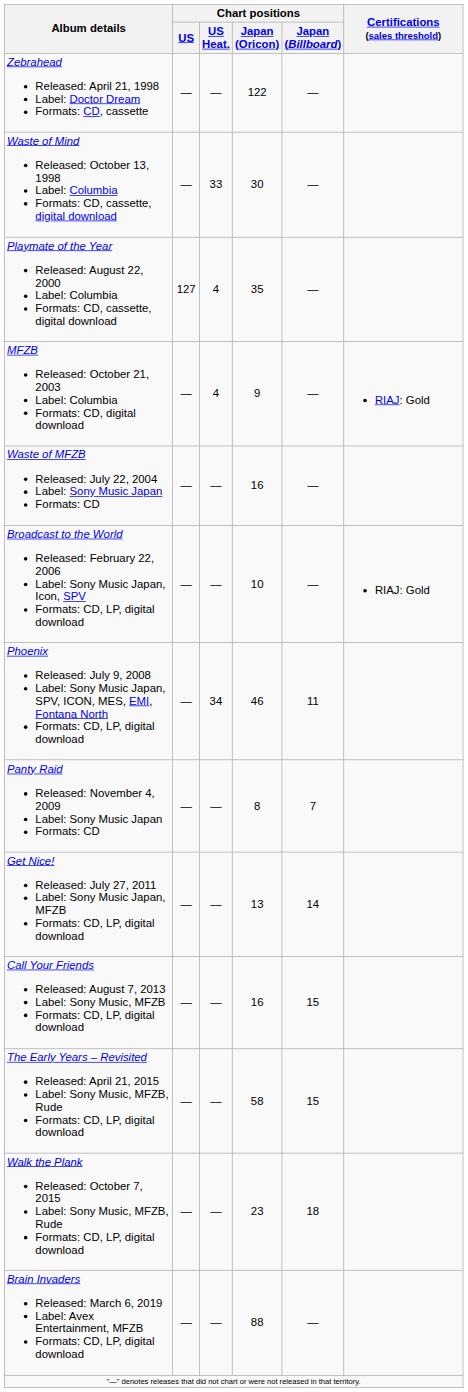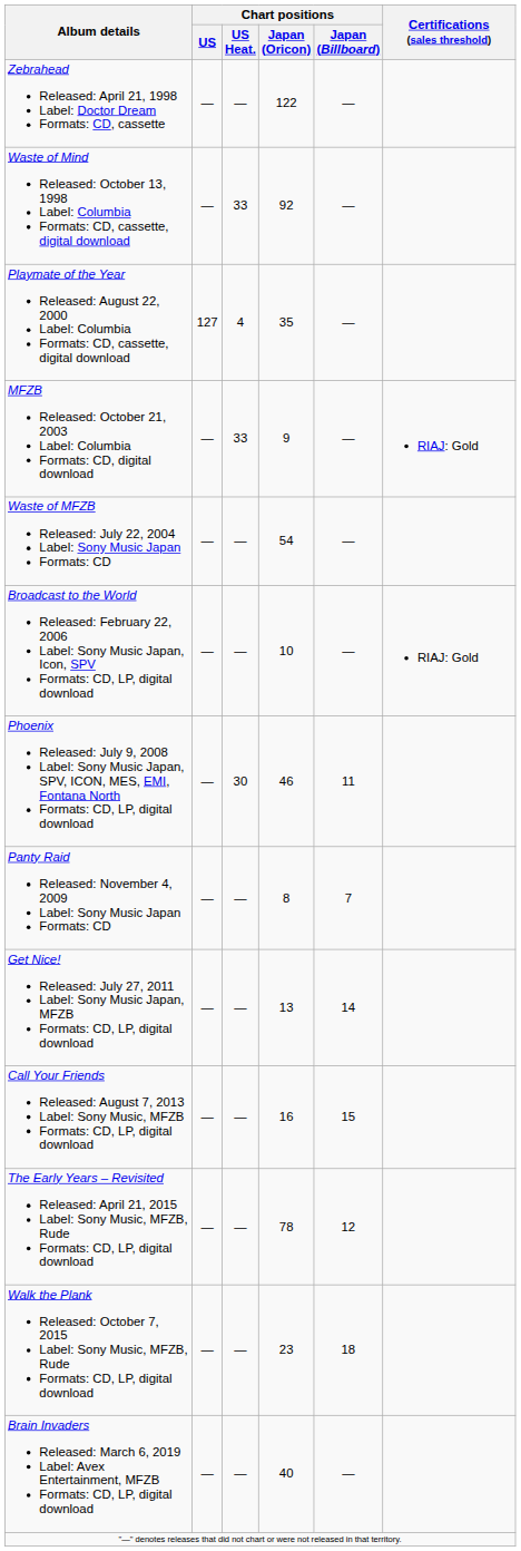 <table class="wikitable" style="text-align:center;">
 <tr>
 <th rowspan="2" width="230">Album details</th>
 <th colspan="4">Chart positions</th>
 <th rowspan="2" style="width:10em;"><a href='#'>Certifications</a><br><small>(<a href='#'>sales threshold</a>)</small></th>
 </tr>
 <tr>
 <th width="30"><a href='#'>US</a></th>
 <th width="30"><a href='#'>US Heat.</a></th>
 <th width="30"><a href='#'>Japan (Oricon)</a><br></th>
 <th width="30"><a href='#'>Japan (<em>Billboard</em>)</a><br></th>
 </tr>
 <tr>
 <td align="left"><em><a href='#'>Zebrahead</a></em><br><ul><li>Released: April 21, 1998</li><li>Label: <a href='#'>Doctor Dream</a></li><li>Formats: <a href='#'>CD</a>, cassette</li></ul></td>
 <td>—</td>
 <td>—</td>
 <td>122</td>
 <td>—</td>
 <td></td>
 </tr>
 <tr>
 <td align="left"><em><a href='#'>Waste of Mind</a></em><br><ul><li>Released: October 13, 1998</li><li>Label: <a href='#'>Columbia</a></li><li>Formats: CD, cassette, <a href='#'>digital download</a></li></ul></td>
 <td>—</td>
 <td>33</td>
-<td>30</td>
+<td>92</td>
 <td>—</td>
 <td></td>
 </tr>
 <tr>
 <td align="left"><em><a href='#'>Playmate of the Year</a></em><br><ul><li>Released: August 22, 2000</li><li>Label: Columbia</li><li>Formats: CD, cassette, digital download</li></ul></td>
 <td>127</td>
 <td>4</td>
 <td>35</td>
 <td>—</td>
 <td></td>
 </tr>
 <tr>
 <td align="left"><em><a href='#'>MFZB</a></em><br><ul><li>Released: October 21, 2003</li><li>Label: Columbia</li><li>Formats: CD, digital download</li></ul></td>
 <td>—</td>
-<td>4</td>
+<td>33</td>
 <td>9</td>
 <td>—</td>
 <td style="text-align:left;"><br><ul><li><a href='#'>RIAJ</a>: Gold</li></ul></td>
 </tr>
 <tr>
 <td align="left"><em><a href='#'>Waste of MFZB</a></em><br><ul><li>Released: July 22, 2004</li><li>Label: <a href='#'>Sony Music Japan</a></li><li>Formats: CD</li></ul></td>
 <td>—</td>
 <td>—</td>
-<td>16</td>
+<td>54</td>
 <td>—</td>
 <td></td>
 </tr>
 <tr>
 <td align="left"><em><a href='#'>Broadcast to the World</a></em><br><ul><li>Released: February 22, 2006</li><li>Label: Sony Music Japan, Icon, <a href='#'>SPV</a></li><li>Formats: CD, LP, digital download</li></ul></td>
 <td>—</td>
 <td>—</td>
 <td>10</td>
 <td>—</td>
 <td style="text-align:left;"><br><ul><li>RIAJ: Gold</li></ul></td>
 </tr>
 <tr>
 <td align="left"><em><a href='#'>Phoenix</a></em><br><ul><li>Released: July 9, 2008</li><li>Label: Sony Music Japan, SPV, ICON, MES, <a href='#'>EMI</a>, <a href='#'>Fontana North</a></li><li>Formats: CD, LP, digital download</li></ul></td>
 <td>—</td>
-<td>34</td>
+<td>30</td>
 <td>46</td>
 <td>11</td>
 <td></td>
 </tr>
 <tr>
 <td align="left"><em><a href='#'>Panty Raid</a></em><br><ul><li>Released: November 4, 2009</li><li>Label: Sony Music Japan</li><li>Formats: CD</li></ul></td>
 <td>—</td>
 <td>—</td>
 <td>8</td>
 <td>7</td>
 <td></td>
 </tr>
 <tr>
 <td align="left"><em><a href='#'>Get Nice!</a></em><br><ul><li>Released: July 27, 2011</li><li>Label: Sony Music Japan, MFZB</li><li>Formats: CD, LP, digital download</li></ul></td>
 <td>—</td>
 <td>—</td>
 <td>13</td>
 <td>14</td>
 <td></td>
 </tr>
 <tr>
 <td align="left"><em><a href='#'>Call Your Friends</a></em><br><ul><li>Released: August 7, 2013</li><li>Label: Sony Music, MFZB</li><li>Formats: CD, LP, digital download</li></ul></td>
 <td>—</td>
 <td>—</td>
 <td>16</td>
 <td>15</td>
 <td></td>
 </tr>
 <tr>
 <td align="left"><em><a href='#'>The Early Years – Revisited</a></em><br><ul><li>Released: April 21, 2015</li><li>Label: Sony Music, MFZB, Rude</li><li>Formats: CD, LP, digital download</li></ul></td>
 <td>—</td>
 <td>—</td>
-<td>58</td>
-<td>15</td>
+<td>78</td>
+<td>12</td>
 <td></td>
 </tr>
 <tr>
 <td align="left"><em><a href='#'>Walk the Plank</a></em><br><ul><li>Released: October 7, 2015</li><li>Label: Sony Music, MFZB, Rude</li><li>Formats: CD, LP, digital download</li></ul></td>
 <td>—</td>
 <td>—</td>
 <td>23</td>
 <td>18</td>
 <td></td>
 </tr>
 <tr>
 <td align="left"><em><a href='#'>Brain Invaders</a></em><br><ul><li>Released: March 6, 2019</li><li>Label: Avex Entertainment, MFZB</li><li>Formats: CD, LP, digital download</li></ul></td>
 <td>—</td>
 <td>—</td>
-<td>88</td>
+<td>40</td>
 <td>—</td>
 <td></td>
 </tr>
 <tr>
 <td colspan="14" style="font-size: 8pt">"—" denotes releases that did not chart or were not released in that territory.</td>
 </tr>
 </table>
